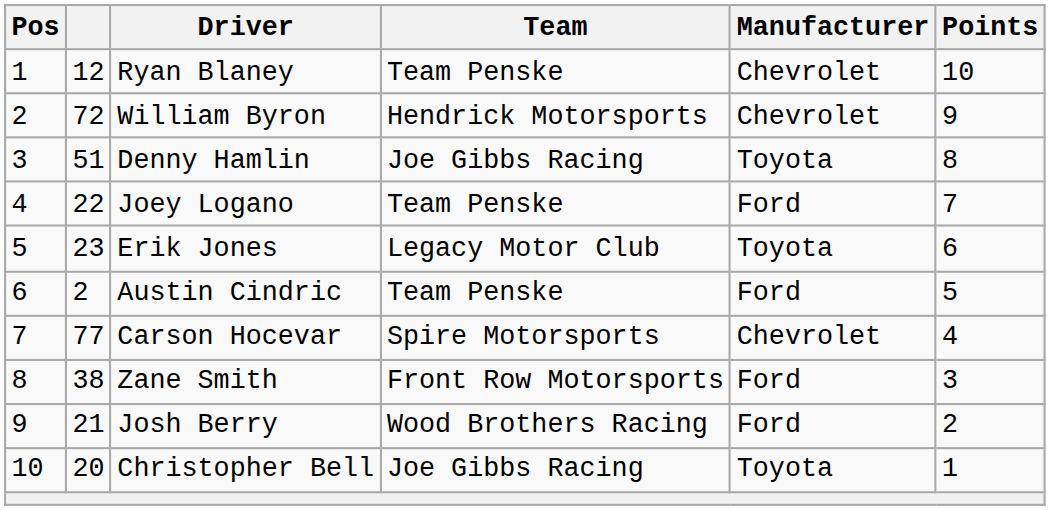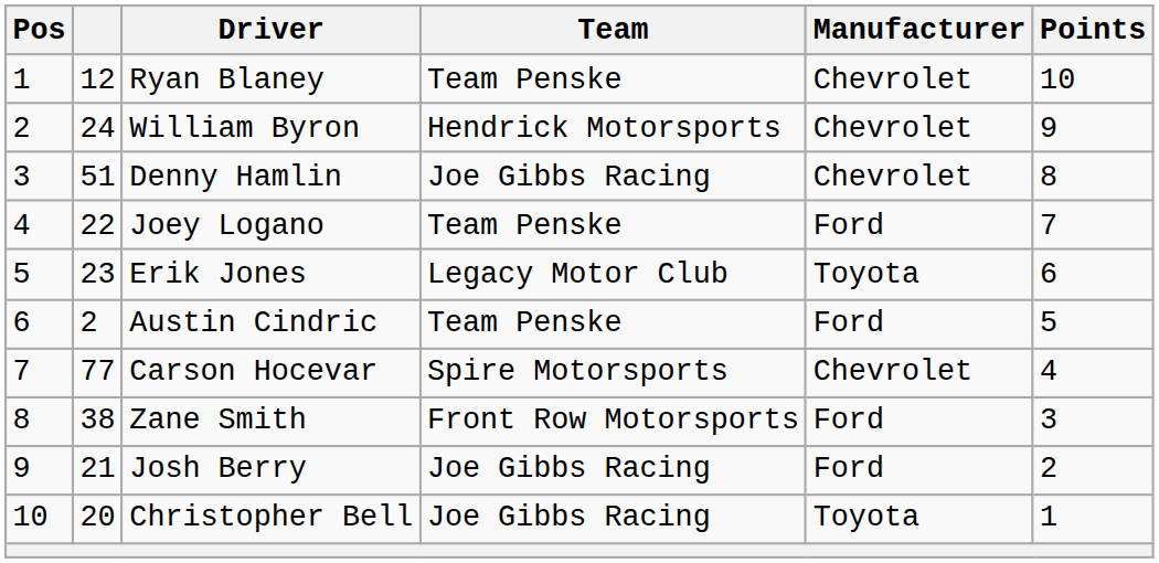 <table class="wikitable" style="font-size:98%">
 <tr>
 <th>Pos</th>
 <th></th>
 <th>Driver</th>
 <th>Team</th>
 <th>Manufacturer</th>
 <th>Points</th>
 </tr>
 <tr>
 <td>1</td>
 <td>12</td>
 <td>Ryan Blaney</td>
 <td>Team Penske</td>
 <td>Chevrolet</td>
 <td>10</td>
 </tr>
 <tr>
 <td>2</td>
-<td>72</td>
+<td>24</td>
 <td>William Byron</td>
 <td>Hendrick Motorsports</td>
 <td>Chevrolet</td>
 <td>9</td>
 </tr>
 <tr>
 <td>3</td>
 <td>51</td>
 <td>Denny Hamlin</td>
 <td>Joe Gibbs Racing</td>
-<td>Toyota</td>
+<td>Chevrolet</td>
 <td>8</td>
 </tr>
 <tr>
 <td>4</td>
 <td>22</td>
 <td>Joey Logano</td>
 <td>Team Penske</td>
 <td>Ford</td>
 <td>7</td>
 </tr>
 <tr>
 <td>5</td>
 <td>23</td>
 <td>Erik Jones</td>
 <td>Legacy Motor Club</td>
 <td>Toyota</td>
 <td>6</td>
 </tr>
 <tr>
 <td>6</td>
 <td>2</td>
 <td>Austin Cindric</td>
 <td>Team Penske</td>
 <td>Ford</td>
 <td>5</td>
 </tr>
 <tr>
 <td>7</td>
 <td>77</td>
 <td>Carson Hocevar</td>
 <td>Spire Motorsports</td>
 <td>Chevrolet</td>
 <td>4</td>
 </tr>
 <tr>
 <td>8</td>
 <td>38</td>
 <td>Zane Smith</td>
 <td>Front Row Motorsports</td>
 <td>Ford</td>
 <td>3</td>
 </tr>
 <tr>
 <td>9</td>
 <td>21</td>
 <td>Josh Berry</td>
-<td>Wood Brothers Racing</td>
+<td>Joe Gibbs Racing</td>
 <td>Ford</td>
 <td>2</td>
 </tr>
 <tr>
 <td>10</td>
 <td>20</td>
 <td>Christopher Bell</td>
 <td>Joe Gibbs Racing</td>
 <td>Toyota</td>
 <td>1</td>
 </tr>
 <tr>
 <th colspan="6"></th>
 </tr>
 </table>
